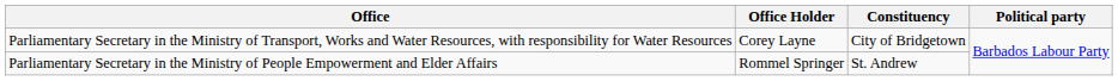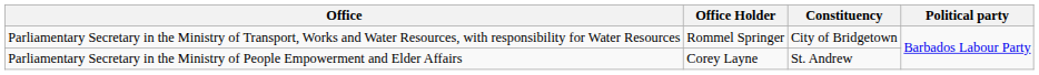 <table class="wikitable">
 <tr>
 <th>Office</th>
 <th>Office Holder</th>
 <th>Constituency</th>
 <th>Political party</th>
 </tr>
 <tr>
 <td>Parliamentary Secretary in the Ministry of Transport, Works and Water Resources, with responsibility for Water Resources</td>
-<td>Corey Layne</td>
+<td>Rommel Springer</td>
 <td>City of Bridgetown</td>
 <td rowspan="2"><a href='#'>Barbados Labour Party</a></td>
 </tr>
 <tr>
 <td>Parliamentary Secretary in the Ministry of People Empowerment and Elder Affairs</td>
-<td>Rommel Springer</td>
+<td>Corey Layne</td>
 <td>St. Andrew</td>
 </tr>
 </table>
